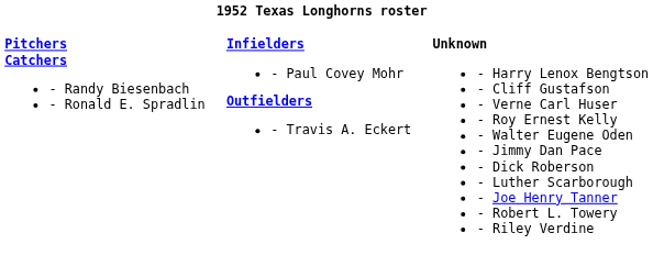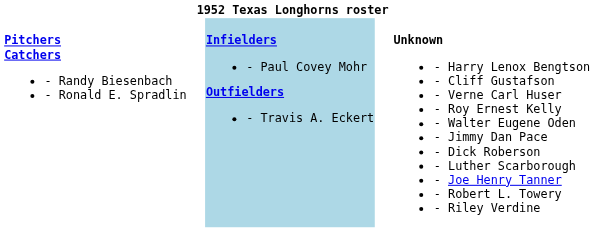 <table class="toccolours" style="border-collapse:collapse; font-size:90%;">
 <tr>
 <th colspan=9>1952 Texas Longhorns roster</th>
 </tr>
 <tr>
 <td width="03"> </td>
 <td valign="top"><br><strong><a href='#'>Pitchers</a></strong><br><strong><a href='#'>Catchers</a></strong><ul><li>- Randy Biesenbach</li><li>- Ronald E. Spradlin</li></ul></td>
 <td width="15"> </td>
-<td valign="top"><br><strong><a href='#'>Infielders</a></strong><ul><li>- Paul Covey Mohr</li></ul><strong><a href='#'>Outfielders</a></strong><ul><li>- Travis A. Eckert</li></ul></td>
+<td valign="top" style="background: lightblue;"><br><strong><a href='#'>Infielders</a></strong><ul><li>- Paul Covey Mohr</li></ul><strong><a href='#'>Outfielders</a></strong><ul><li>- Travis A. Eckert</li></ul></td>
 <td width="15"> </td>
 <td valign="top"><br><strong>Unknown</strong><ul><li>- Harry Lenox Bengtson</li><li>- Cliff Gustafson</li><li>- Verne Carl Huser</li><li>- Roy Ernest Kelly</li><li>- Walter Eugene Oden</li><li>- Jimmy Dan Pace</li><li>- Dick Roberson</li><li>- Luther Scarborough</li><li>- <a href='#'>Joe Henry Tanner</a></li><li>- Robert L. Towery</li><li>- Riley Verdine</li></ul></td>
 </tr>
 </table>
